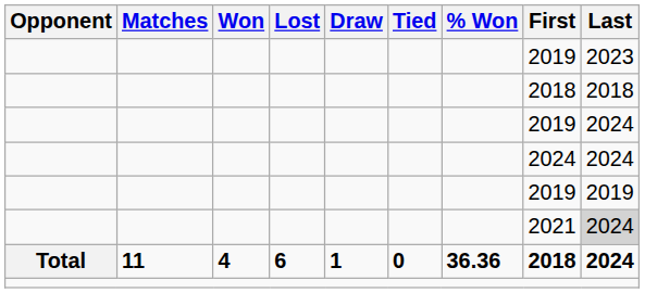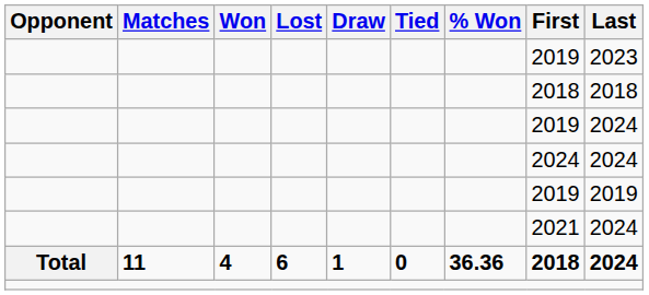 <table class="wikitable plainrowheaders sortable">
 <tr>
 <th scope="col">Opponent</th>
 <th scope="col"><a href='#'>Matches</a></th>
 <th scope="col"><a href='#'>Won</a></th>
 <th scope="col"><a href='#'>Lost</a></th>
 <th scope="col"><a href='#'>Draw</a></th>
 <th scope="col"><a href='#'>Tied</a></th>
 <th scope="col"><a href='#'>% Won</a></th>
 <th scope="col">First</th>
 <th scope="col">Last</th>
 </tr>
 <tr>
 <td></td>
 <td></td>
 <td></td>
 <td></td>
 <td></td>
 <td></td>
 <td></td>
 <td>2019</td>
 <td>2023</td>
 </tr>
 <tr>
 <td></td>
 <td></td>
 <td></td>
 <td></td>
 <td></td>
 <td></td>
 <td></td>
 <td>2018</td>
 <td>2018</td>
 </tr>
 <tr>
 <td></td>
 <td></td>
 <td></td>
 <td></td>
 <td></td>
 <td></td>
 <td></td>
 <td>2019</td>
 <td>2024</td>
 </tr>
 <tr>
 <td></td>
 <td></td>
 <td></td>
 <td></td>
 <td></td>
 <td></td>
 <td></td>
 <td>2024</td>
 <td>2024</td>
 </tr>
 <tr>
 <td></td>
 <td></td>
 <td></td>
 <td></td>
 <td></td>
 <td></td>
 <td></td>
 <td>2019</td>
 <td>2019</td>
 </tr>
 <tr>
 <td></td>
 <td></td>
 <td></td>
 <td></td>
 <td></td>
 <td></td>
 <td></td>
 <td>2021</td>
-<td style="background: lightgrey;">2024</td>
+<td>2024</td>
 </tr>
 <tr class="sortbottom">
 <th scope="row" style="text-align:center"><strong>Total</strong></th>
 <td><strong>11</strong></td>
 <td><strong>4</strong></td>
 <td><strong>6</strong></td>
 <td><strong>1</strong></td>
 <td><strong>0</strong></td>
 <td><strong>36.36</strong></td>
 <td><strong>2018</strong></td>
 <td><strong>2024</strong></td>
 </tr>
 <tr>
 <td colspan=10></td>
 </tr>
 </table>
